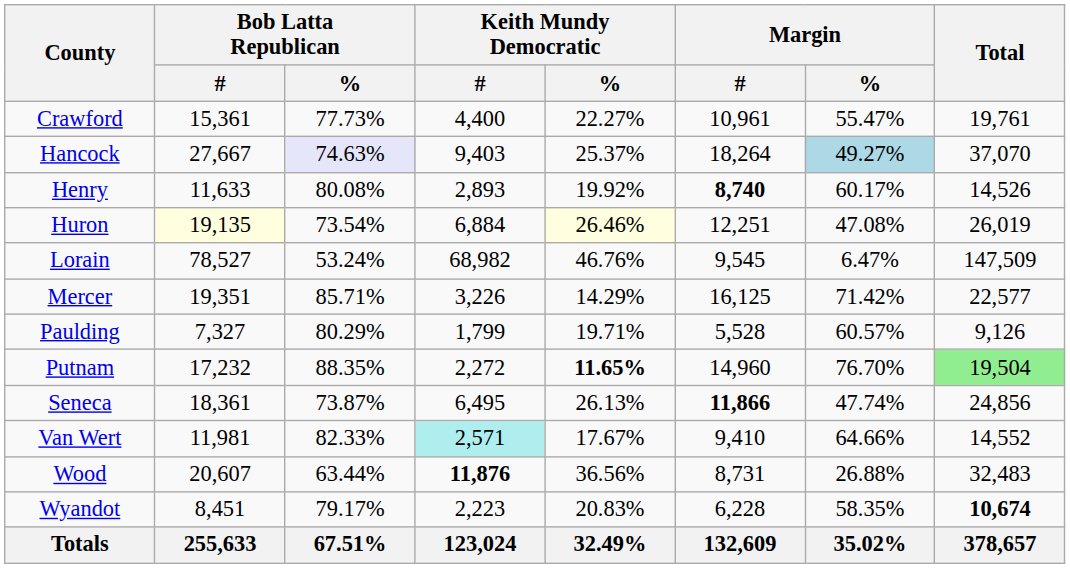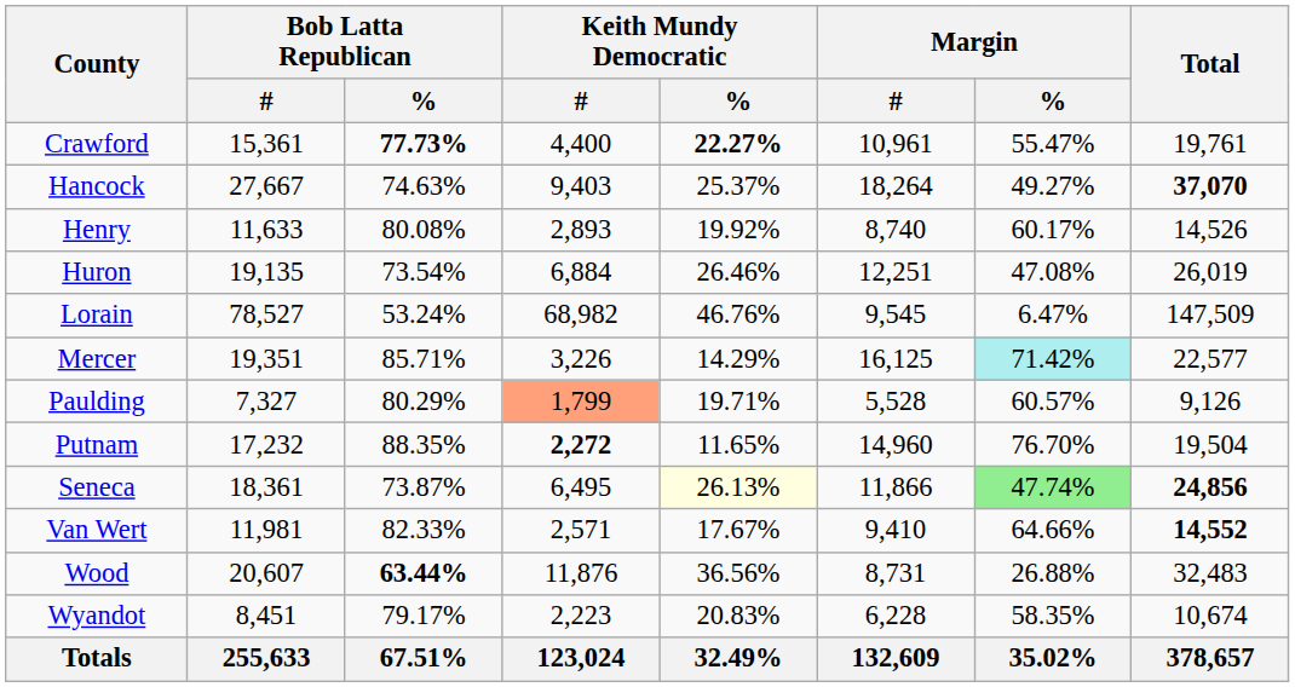 <table width="60%" class="wikitable sortable">
 <tr>
 <th rowspan="2">County</th>
 <th colspan="2">Bob Latta<br>Republican</th>
 <th colspan="2">Keith Mundy<br>Democratic</th>
 <th colspan="2">Margin</th>
 <th rowspan="2">Total</th>
 </tr>
 <tr>
 <th style="text-align:center;" data-sort-type="number">#</th>
 <th style="text-align:center;" data-sort-type="number">%</th>
 <th style="text-align:center;" data-sort-type="number">#</th>
 <th style="text-align:center;" data-sort-type="number">%</th>
 <th style="text-align:center;" data-sort-type="number">#</th>
 <th style="text-align:center;" data-sort-type="number">%</th>
 </tr>
 <tr style="text-align:center;">
 <td><a href='#'>Crawford</a></td>
 <td>15,361</td>
-<td>77.73%</td>
+<td><strong>77.73%</strong></td>
 <td>4,400</td>
-<td>22.27%</td>
+<td><strong>22.27%</strong></td>
 <td>10,961</td>
 <td>55.47%</td>
 <td>19,761</td>
 </tr>
 <tr style="text-align:center;">
 <td><a href='#'>Hancock</a></td>
 <td>27,667</td>
-<td style="background: lavender;">74.63%</td>
+<td>74.63%</td>
 <td>9,403</td>
 <td>25.37%</td>
 <td>18,264</td>
-<td style="background: lightblue;">49.27%</td>
-<td>37,070</td>
+<td>49.27%</td>
+<td><strong>37,070</strong></td>
 </tr>
 <tr style="text-align:center;">
 <td><a href='#'>Henry</a></td>
 <td>11,633</td>
 <td>80.08%</td>
 <td>2,893</td>
 <td>19.92%</td>
-<td><strong>8,740</strong></td>
+<td>8,740</td>
 <td>60.17%</td>
 <td>14,526</td>
 </tr>
 <tr style="text-align:center;">
 <td><a href='#'>Huron</a></td>
-<td style="background: lightyellow;">19,135</td>
+<td>19,135</td>
 <td>73.54%</td>
 <td>6,884</td>
-<td style="background: lightyellow;">26.46%</td>
+<td>26.46%</td>
 <td>12,251</td>
 <td>47.08%</td>
 <td>26,019</td>
 </tr>
 <tr style="text-align:center;">
 <td><a href='#'>Lorain</a></td>
 <td>78,527</td>
 <td>53.24%</td>
 <td>68,982</td>
 <td>46.76%</td>
 <td>9,545</td>
 <td>6.47%</td>
 <td>147,509</td>
 </tr>
 <tr style="text-align:center;">
 <td><a href='#'>Mercer</a></td>
 <td>19,351</td>
 <td>85.71%</td>
 <td>3,226</td>
 <td>14.29%</td>
 <td>16,125</td>
-<td>71.42%</td>
+<td style="background: paleturquoise;">71.42%</td>
 <td>22,577</td>
 </tr>
 <tr style="text-align:center;">
 <td><a href='#'>Paulding</a></td>
 <td>7,327</td>
 <td>80.29%</td>
-<td>1,799</td>
+<td style="background: lightsalmon;">1,799</td>
 <td>19.71%</td>
 <td>5,528</td>
 <td>60.57%</td>
 <td>9,126</td>
 </tr>
 <tr style="text-align:center;">
 <td><a href='#'>Putnam</a></td>
 <td>17,232</td>
 <td>88.35%</td>
-<td>2,272</td>
-<td><strong>11.65%</strong></td>
+<td><strong>2,272</strong></td>
+<td>11.65%</td>
 <td>14,960</td>
 <td>76.70%</td>
-<td style="background: lightgreen;">19,504</td>
+<td>19,504</td>
 </tr>
 <tr style="text-align:center;">
 <td><a href='#'>Seneca</a></td>
 <td>18,361</td>
 <td>73.87%</td>
 <td>6,495</td>
-<td>26.13%</td>
-<td><strong>11,866</strong></td>
-<td>47.74%</td>
-<td>24,856</td>
+<td style="background: lightyellow;">26.13%</td>
+<td>11,866</td>
+<td style="background: lightgreen;">47.74%</td>
+<td><strong>24,856</strong></td>
 </tr>
 <tr style="text-align:center;">
 <td><a href='#'>Van Wert</a></td>
 <td>11,981</td>
 <td>82.33%</td>
-<td style="background: paleturquoise;">2,571</td>
+<td>2,571</td>
 <td>17.67%</td>
 <td>9,410</td>
 <td>64.66%</td>
-<td>14,552</td>
+<td><strong>14,552</strong></td>
 </tr>
 <tr style="text-align:center;">
 <td><a href='#'>Wood</a></td>
 <td>20,607</td>
-<td>63.44%</td>
-<td><strong>11,876</strong></td>
+<td><strong>63.44%</strong></td>
+<td>11,876</td>
 <td>36.56%</td>
 <td>8,731</td>
 <td>26.88%</td>
 <td>32,483</td>
 </tr>
 <tr style="text-align:center;">
 <td><a href='#'>Wyandot</a></td>
 <td>8,451</td>
 <td>79.17%</td>
 <td>2,223</td>
 <td>20.83%</td>
 <td>6,228</td>
 <td>58.35%</td>
-<td><strong>10,674</strong></td>
+<td>10,674</td>
 </tr>
 <tr style="text-align:center;">
 <th>Totals</th>
 <th>255,633</th>
 <th>67.51%</th>
 <th>123,024</th>
 <th>32.49%</th>
 <th>132,609</th>
 <th>35.02%</th>
 <th>378,657</th>
 </tr>
 </table>
